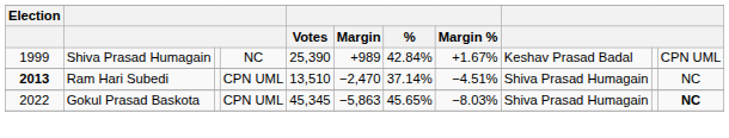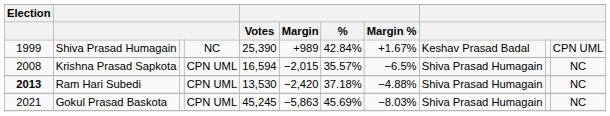 <table class="sortable wikitable" style="text-align:right;">
 <tr>
 </tr>
 <tr valign=bottom>
 <th>Election</th>
 <th colspan=3></th>
 <th colspan="4"></th>
 <th colspan=3></th>
 </tr>
 <tr>
 <th></th>
 <th colspan=3></th>
 <th data-sort-type="number">Votes</th>
 <th data-sort-type="number">Margin</th>
 <th data-sort-type="number">%</th>
 <th data-sort-type="number">Margin %</th>
 <th colspan=3></th>
 </tr>
 <tr>
 <td style="text-align:center;">1999</td>
 <td style="text-align:left;">Shiva Prasad Humagain</td>
 <td style="background-color:"></td>
 <td style="text-align:center;">NC</td>
 <td>25,390</td>
 <td>+989</td>
 <td>42.84%</td>
 <td>+1.67%</td>
 <td style="text-align:left;">Keshav Prasad Badal</td>
 <td style="background-color:"></td>
 <td style="text-align:center;">CPN UML</td>
 </tr>
 <tr>
 </tr>
 <tr>
-</tr>
-<tr>
-<td style="text-align:center;"><strong>2013</strong></td>
-<td style="text-align:left;">Ram Hari Subedi</td>
+<td style="text-align:center;">2008</td>
+<td style="text-align:left;">Krishna Prasad Sapkota</td>
 <td style="background-color:"></td>
 <td style="text-align:center;">CPN UML</td>
-<td>13,510</td>
-<td>−2,470</td>
-<td>37.14%</td>
-<td>−4.51%</td>
+<td>16,594</td>
+<td>−2,015</td>
+<td>35.57%</td>
+<td>−6.5%</td>
 <td style="text-align:left;">Shiva Prasad Humagain</td>
 <td style="background-color:"></td>
 <td style="text-align:center;">NC</td>
 </tr>
 <tr>
 </tr>
 <tr>
-<td style="text-align:center;">2022</td>
+<td style="text-align:center;"><strong>2013</strong></td>
+<td style="text-align:left;">Ram Hari Subedi</td>
+<td style="background-color:"></td>
+<td style="text-align:center;">CPN UML</td>
+<td>13,530</td>
+<td>−2,420</td>
+<td>37.18%</td>
+<td>−4.88%</td>
+<td style="text-align:left;">Shiva Prasad Humagain</td>
+<td style="background-color:"></td>
+<td style="text-align:center;">NC</td>
+</tr>
+<tr>
+</tr>
+<tr>
+<td style="text-align:center;">2021</td>
 <td style="text-align:left;">Gokul Prasad Baskota</td>
 <td style="background-color:"></td>
 <td style="text-align:center;">CPN UML</td>
-<td>45,345</td>
+<td>45,245</td>
 <td>−5,863</td>
-<td>45.65%</td>
+<td>45.69%</td>
 <td>−8.03%</td>
 <td style="text-align:left;">Shiva Prasad Humagain</td>
 <td style="background-color:"></td>
-<td style="text-align:center;"><strong>NC</strong></td>
+<td style="text-align:center;">NC</td>
 </tr>
 <tr>
 </tr>
 <tr>
 </tr>
 <tr>
 </tr>
 </table>
